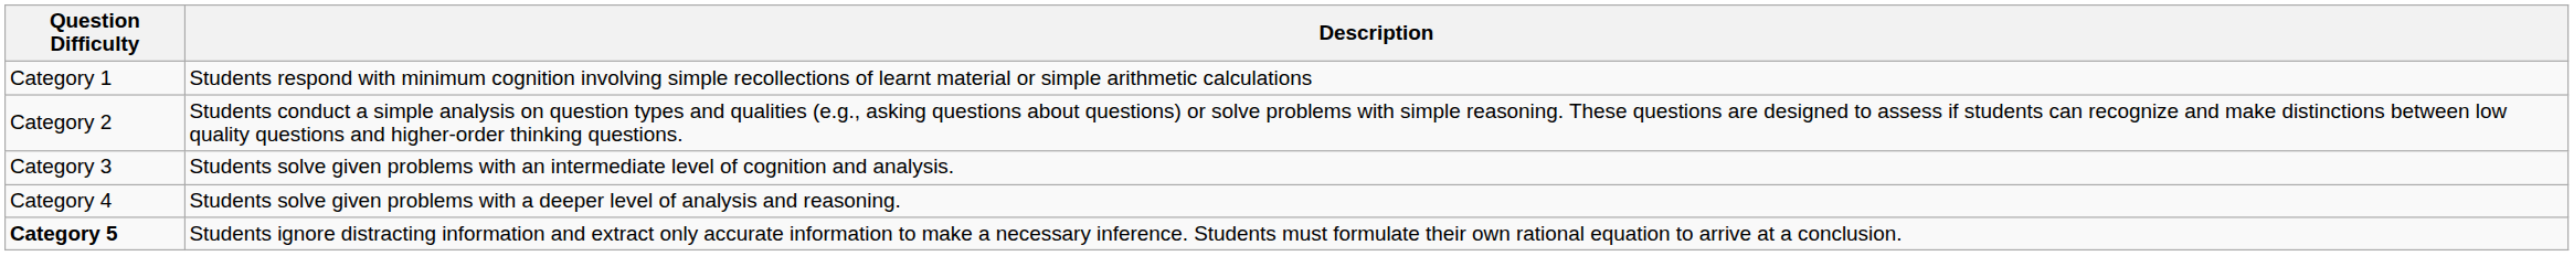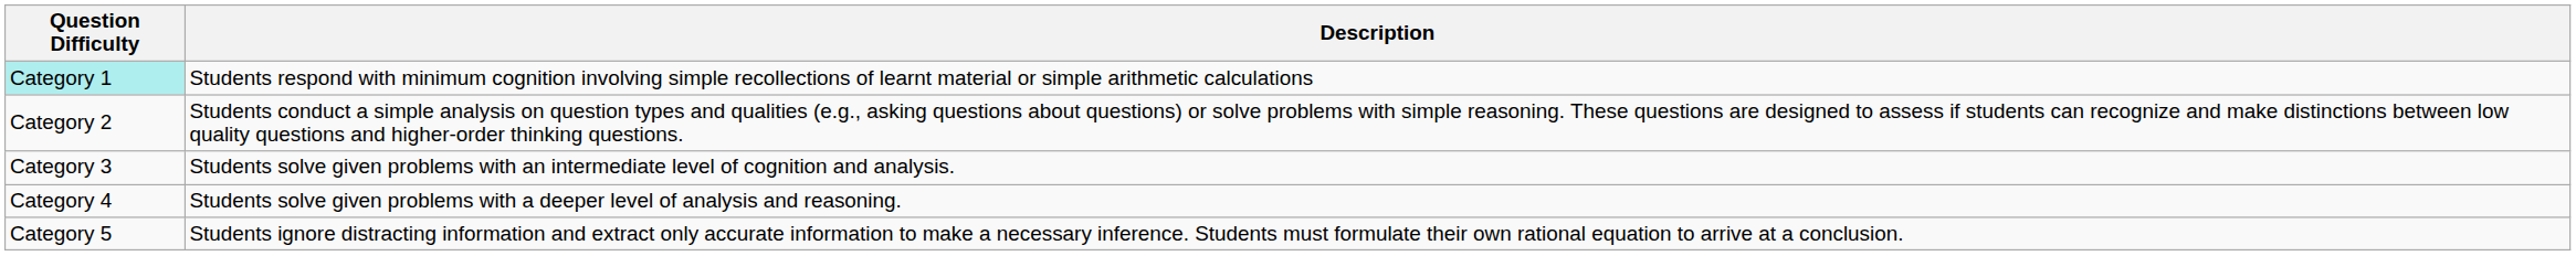 <table class="wikitable">
 <tr>
 <th>Question Difficulty</th>
 <th>Description</th>
 </tr>
 <tr>
-<td>Category 1</td>
+<td style="background: paleturquoise;">Category 1</td>
 <td>Students respond with minimum cognition involving simple recollections of learnt material or simple arithmetic calculations</td>
 </tr>
 <tr>
 <td>Category 2</td>
 <td>Students conduct a simple analysis on question types and qualities (e.g., asking questions about questions) or solve problems with simple reasoning. These questions are designed to assess if students can recognize and make distinctions between low quality questions and higher-order thinking questions.</td>
 </tr>
 <tr>
 <td>Category 3</td>
 <td>Students solve given problems with an intermediate level of cognition and analysis.</td>
 </tr>
 <tr>
 <td>Category 4</td>
 <td>Students solve given problems with a deeper level of analysis and reasoning.</td>
 </tr>
 <tr>
-<td><strong>Category 5</strong></td>
+<td>Category 5</td>
 <td>Students ignore distracting information and extract only accurate information to make a necessary inference. Students must formulate their own rational equation to arrive at a conclusion.</td>
 </tr>
 </table>
